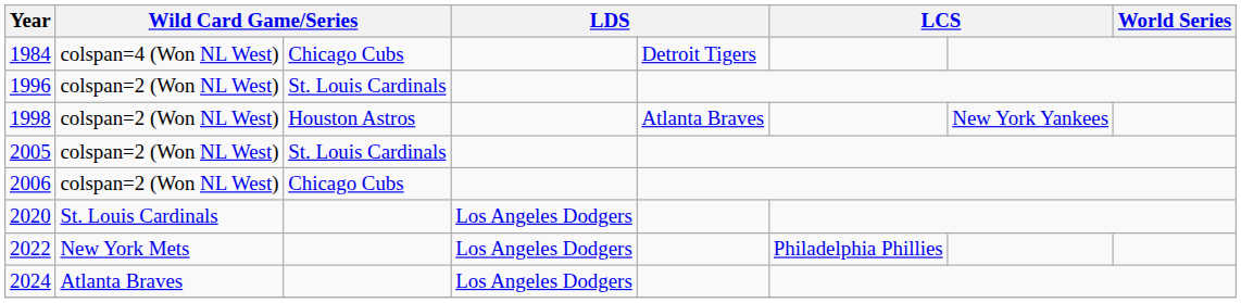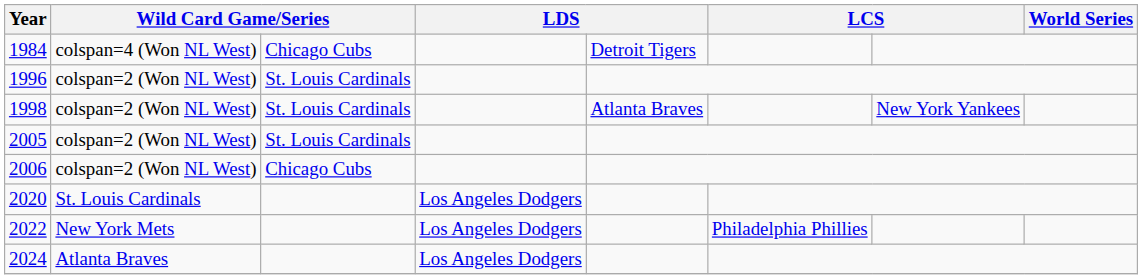 <table class="wikitable">
 <tr>
 <th>Year</th>
 <th colspan=2><a href='#'><span>Wild Card Game/Series</span></a></th>
 <th colspan=2><a href='#'><span>LDS</span></a></th>
 <th colspan=2><a href='#'><span>LCS</span></a></th>
 <th colspan=2><a href='#'><span>World Series</span></a></th>
 </tr>
 <tr>
 <td align=center><a href='#'>1984</a></td>
 <td>colspan=4  (Won <a href='#'>NL West</a>)</td>
 <td><a href='#'>Chicago Cubs</a></td>
 <td></td>
 <td><a href='#'>Detroit Tigers</a></td>
 <td></td>
 </tr>
 <tr>
 <td align=center><a href='#'>1996</a></td>
 <td>colspan=2  (Won <a href='#'>NL West</a>)</td>
 <td><a href='#'>St. Louis Cardinals</a></td>
 <td></td>
 <td colspan=4></td>
 </tr>
 <tr>
 <td align=center><a href='#'>1998</a></td>
 <td>colspan=2  (Won <a href='#'>NL West</a>)</td>
-<td><a href='#'>Houston Astros</a></td>
+<td><a href='#'>St. Louis Cardinals</a></td>
 <td></td>
 <td><a href='#'>Atlanta Braves</a></td>
 <td></td>
 <td><a href='#'>New York Yankees</a></td>
 <td></td>
 </tr>
 <tr>
 <td align=center><a href='#'>2005</a></td>
 <td>colspan=2  (Won <a href='#'>NL West</a>)</td>
 <td><a href='#'>St. Louis Cardinals</a></td>
 <td></td>
 <td colspan=4></td>
 </tr>
 <tr>
 <td align=center><a href='#'>2006</a></td>
 <td>colspan=2  (Won <a href='#'>NL West</a>)</td>
 <td><a href='#'>Chicago Cubs</a></td>
 <td></td>
 <td colspan=4></td>
 </tr>
 <tr>
 <td align=center><a href='#'>2020</a></td>
 <td><a href='#'>St. Louis Cardinals</a></td>
 <td></td>
 <td><a href='#'>Los Angeles Dodgers</a></td>
 <td></td>
 <td colspan=4></td>
 </tr>
 <tr>
 <td align=center><a href='#'>2022</a></td>
 <td><a href='#'>New York Mets</a></td>
 <td></td>
 <td><a href='#'>Los Angeles Dodgers</a></td>
 <td></td>
 <td><a href='#'>Philadelphia Phillies</a></td>
 <td></td>
 <td colspan=2></td>
 </tr>
 <tr>
 <td align=center><a href='#'>2024</a></td>
 <td><a href='#'>Atlanta Braves</a></td>
 <td></td>
 <td><a href='#'>Los Angeles Dodgers</a></td>
 <td></td>
 <td colspan=4></td>
 </tr>
 <tr>
 </tr>
 </table>
